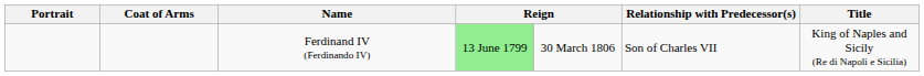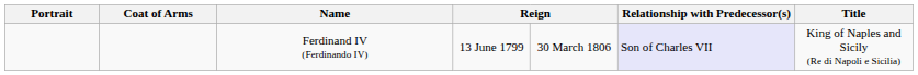 <table width=95% class="wikitable">
 <tr>
 <th width=8%>Portrait</th>
 <th width=10%>Coat of Arms</th>
 <th width=20%>Name</th>
 <th colspan=2 width=14%>Reign</th>
 <th width=15%>Relationship with Predecessor(s)</th>
 <th width=10%>Title</th>
 </tr>
 <tr>
 <td align="center"></td>
 <td align="center"></td>
 <td align="center">Ferdinand IV<br><small>(Ferdinando IV)</small></td>
-<td align="center" style="background: lightgreen;">13 June 1799</td>
+<td align="center">13 June 1799</td>
 <td align="center">30 March 1806</td>
-<td>Son of Charles VII</td>
+<td style="background: lavender;">Son of Charles VII</td>
 <td align="center">King of Naples and Sicily<br><small>(Re di Napoli e Sicilia)</small></td>
 </tr>
 </table>
